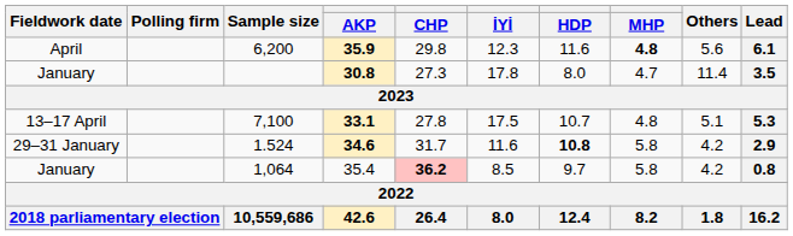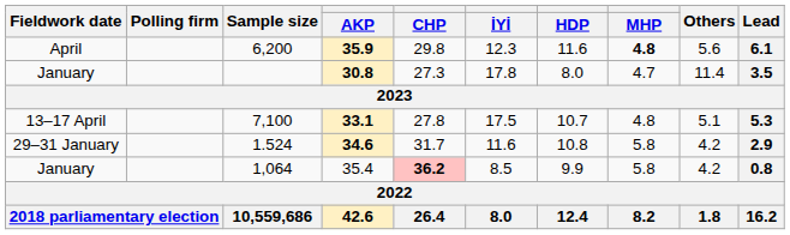 <table class="wikitable mw-datatable mw-collapsible" style="text-align:center; font-size:85%; line-height:14px;">
 <tr>
 <th rowspan="2">Fieldwork date</th>
 <th rowspan="2">Polling firm</th>
 <th rowspan="2">Sample size</th>
 <th style="background:"></th>
 <th style="background:"></th>
 <th style="background:"></th>
 <th style="background:"></th>
 <th style="background:"></th>
 <th rowspan="2">Others</th>
 <th rowspan="2">Lead</th>
 </tr>
 <tr>
 <th style="width:4em;"><a href='#'>AKP</a></th>
 <th style="width:4em;"><a href='#'>CHP</a></th>
 <th style="width:4em;"><a href='#'>İYİ</a></th>
 <th style="width:4em;"><a href='#'>HDP</a></th>
 <th style="width:4em;"><a href='#'>MHP</a></th>
 </tr>
 <tr>
 <td>April</td>
 <td></td>
 <td>6,200</td>
 <td style="background:#FFF1C4"><strong>35.9</strong></td>
 <td>29.8</td>
 <td>12.3</td>
 <td>11.6</td>
 <td><strong>4.8</strong></td>
 <td>5.6</td>
 <th style="background:">6.1</th>
 </tr>
 <tr>
 <td>January</td>
 <td></td>
 <td></td>
 <td style="background:#FFF1C4"><strong>30.8</strong></td>
 <td>27.3</td>
 <td>17.8</td>
 <td>8.0</td>
 <td>4.7</td>
 <td>11.4</td>
 <th style="background:">3.5</th>
 </tr>
 <tr>
 <th colspan="10">2023</th>
 </tr>
 <tr>
 <td>13–17 April</td>
 <td></td>
 <td>7,100</td>
 <td style="background:#FFF1C4"><strong>33.1</strong></td>
 <td>27.8</td>
 <td>17.5</td>
 <td>10.7</td>
 <td>4.8</td>
 <td>5.1</td>
 <th style="background:">5.3</th>
 </tr>
 <tr>
 <td>29–31 January</td>
 <td></td>
 <td>1.524</td>
 <td style="background:#FFF1C4"><strong>34.6</strong></td>
 <td>31.7</td>
 <td>11.6</td>
-<td><strong>10.8</strong></td>
+<td>10.8</td>
 <td>5.8</td>
 <td>4.2</td>
 <th style="background:">2.9</th>
 </tr>
 <tr>
 <td>January</td>
 <td></td>
 <td>1,064</td>
 <td>35.4</td>
 <td style="background:#FFC2C2"><strong>36.2</strong></td>
 <td>8.5</td>
-<td>9.7</td>
+<td>9.9</td>
 <td>5.8</td>
 <td>4.2</td>
 <th style="background:">0.8</th>
 </tr>
 <tr>
 <th colspan="10">2022</th>
 </tr>
 <tr>
 <th colspan=2 data-sort-value="2018-06-24"><a href='#'>2018 parliamentary election</a></th>
 <th>10,559,686</th>
 <th style="background:#FFF1C4">42.6</th>
 <th>26.4</th>
 <th>8.0</th>
 <th>12.4</th>
 <th>8.2</th>
 <th>1.8</th>
 <th style="background:">16.2</th>
 </tr>
 </table>
